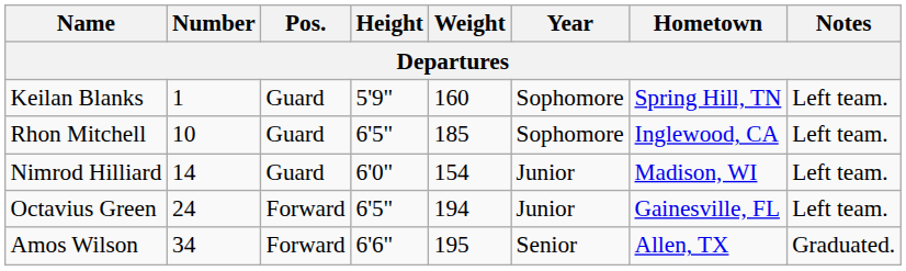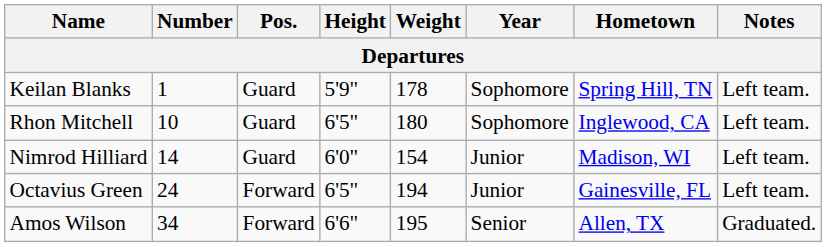 <table class="wikitable sortable">
 <tr>
 <th>Name</th>
 <th>Number</th>
 <th>Pos.</th>
 <th>Height</th>
 <th>Weight</th>
 <th>Year</th>
 <th>Hometown</th>
 <th class="unsortable">Notes</th>
 </tr>
 <tr>
 <th colspan=9>Departures</th>
 </tr>
 <tr>
 <td sortname>Keilan Blanks</td>
 <td>1</td>
 <td>Guard</td>
 <td>5'9"</td>
-<td>160</td>
+<td>178</td>
 <td>Sophomore</td>
 <td><a href='#'>Spring Hill, TN</a></td>
 <td>Left team.</td>
 </tr>
 <tr>
 <td sortname>Rhon Mitchell</td>
 <td>10</td>
 <td>Guard</td>
 <td>6'5"</td>
-<td>185</td>
+<td>180</td>
 <td>Sophomore</td>
 <td><a href='#'>Inglewood, CA</a></td>
 <td>Left team.</td>
 </tr>
 <tr>
 <td sortname>Nimrod Hilliard</td>
 <td>14</td>
 <td>Guard</td>
 <td>6'0"</td>
 <td>154</td>
 <td>Junior</td>
 <td><a href='#'>Madison, WI</a></td>
 <td>Left team.</td>
 </tr>
 <tr>
 <td sortname>Octavius Green</td>
 <td>24</td>
 <td>Forward</td>
 <td>6'5"</td>
 <td>194</td>
 <td>Junior</td>
 <td><a href='#'>Gainesville, FL</a></td>
 <td>Left team.</td>
 </tr>
 <tr>
 <td sortname>Amos Wilson</td>
 <td>34</td>
 <td>Forward</td>
 <td>6'6"</td>
 <td>195</td>
 <td>Senior</td>
 <td><a href='#'>Allen, TX</a></td>
 <td>Graduated.</td>
 </tr>
 </table>
